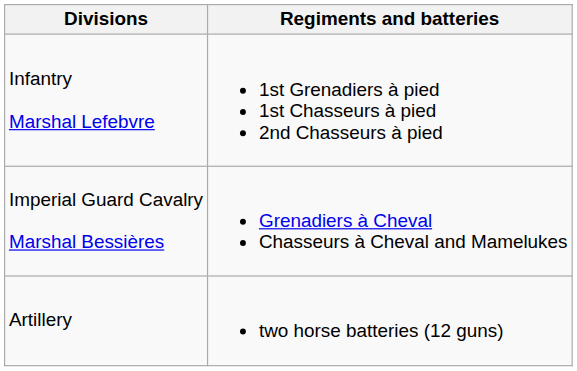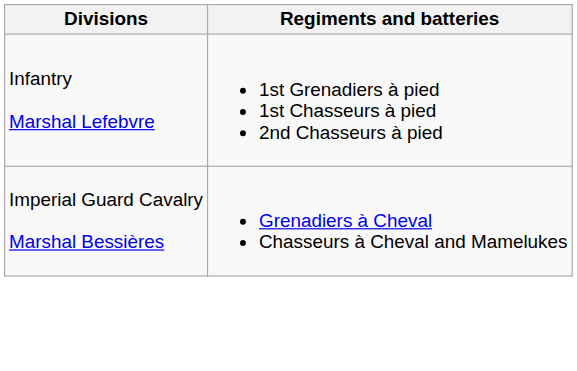 <table class="wikitable">
 <tr>
 <th><strong>Divisions</strong></th>
 <th><strong>Regiments and batteries</strong></th>
 </tr>
 <tr>
 <td>Infantry<br><br> <a href='#'>Marshal Lefebvre</a></td>
 <td><br><ul><li>1st Grenadiers à pied</li><li>1st Chasseurs à pied</li><li>2nd Chasseurs à pied</li></ul></td>
 </tr>
 <tr>
 <td>Imperial Guard Cavalry<br><br> <a href='#'>Marshal Bessières</a></td>
 <td><br><ul><li><a href='#'>Grenadiers à Cheval</a></li><li>Chasseurs à Cheval and Mamelukes</li></ul></td>
 </tr>
-<tr>
-<td>Artillery</td>
-<td><br><ul><li>two horse batteries (12 guns)</li></ul></td>
-</tr>
 </table>
